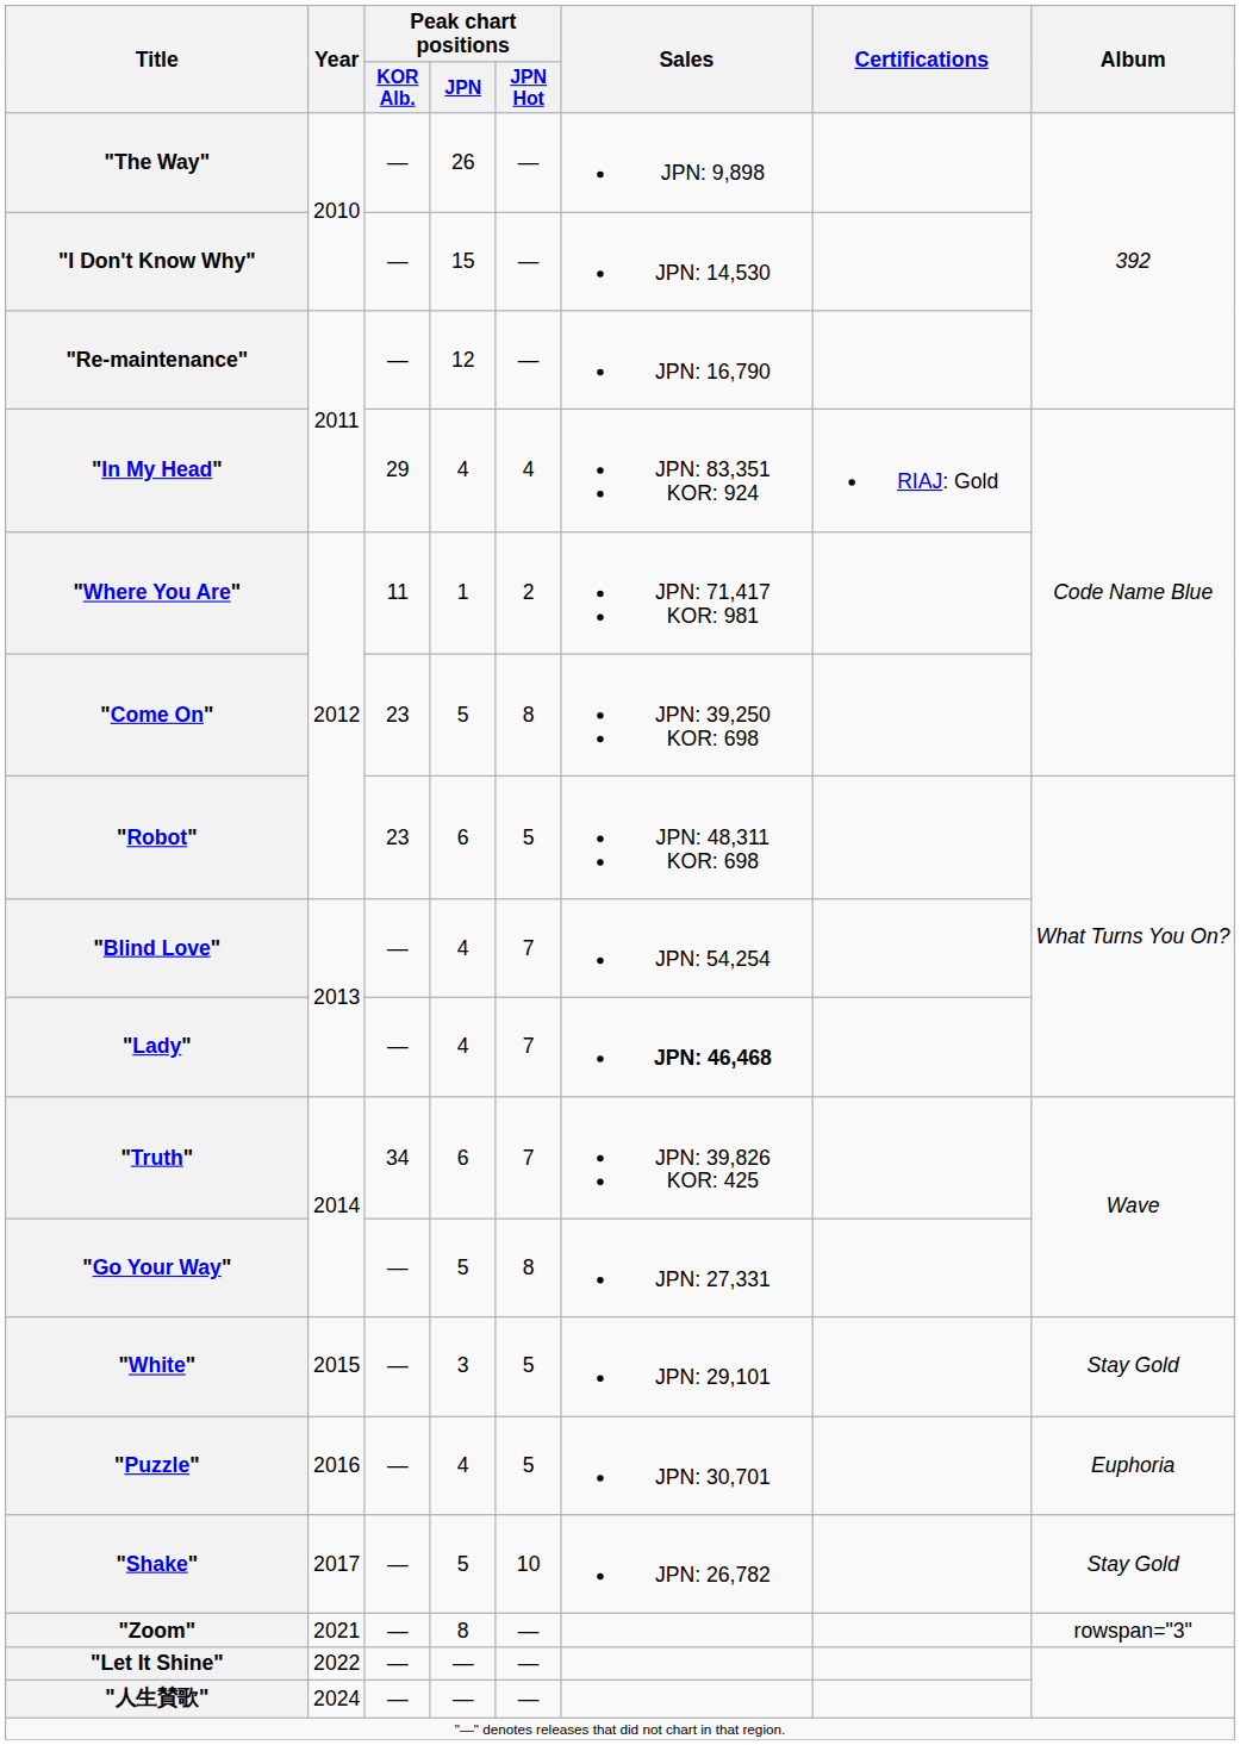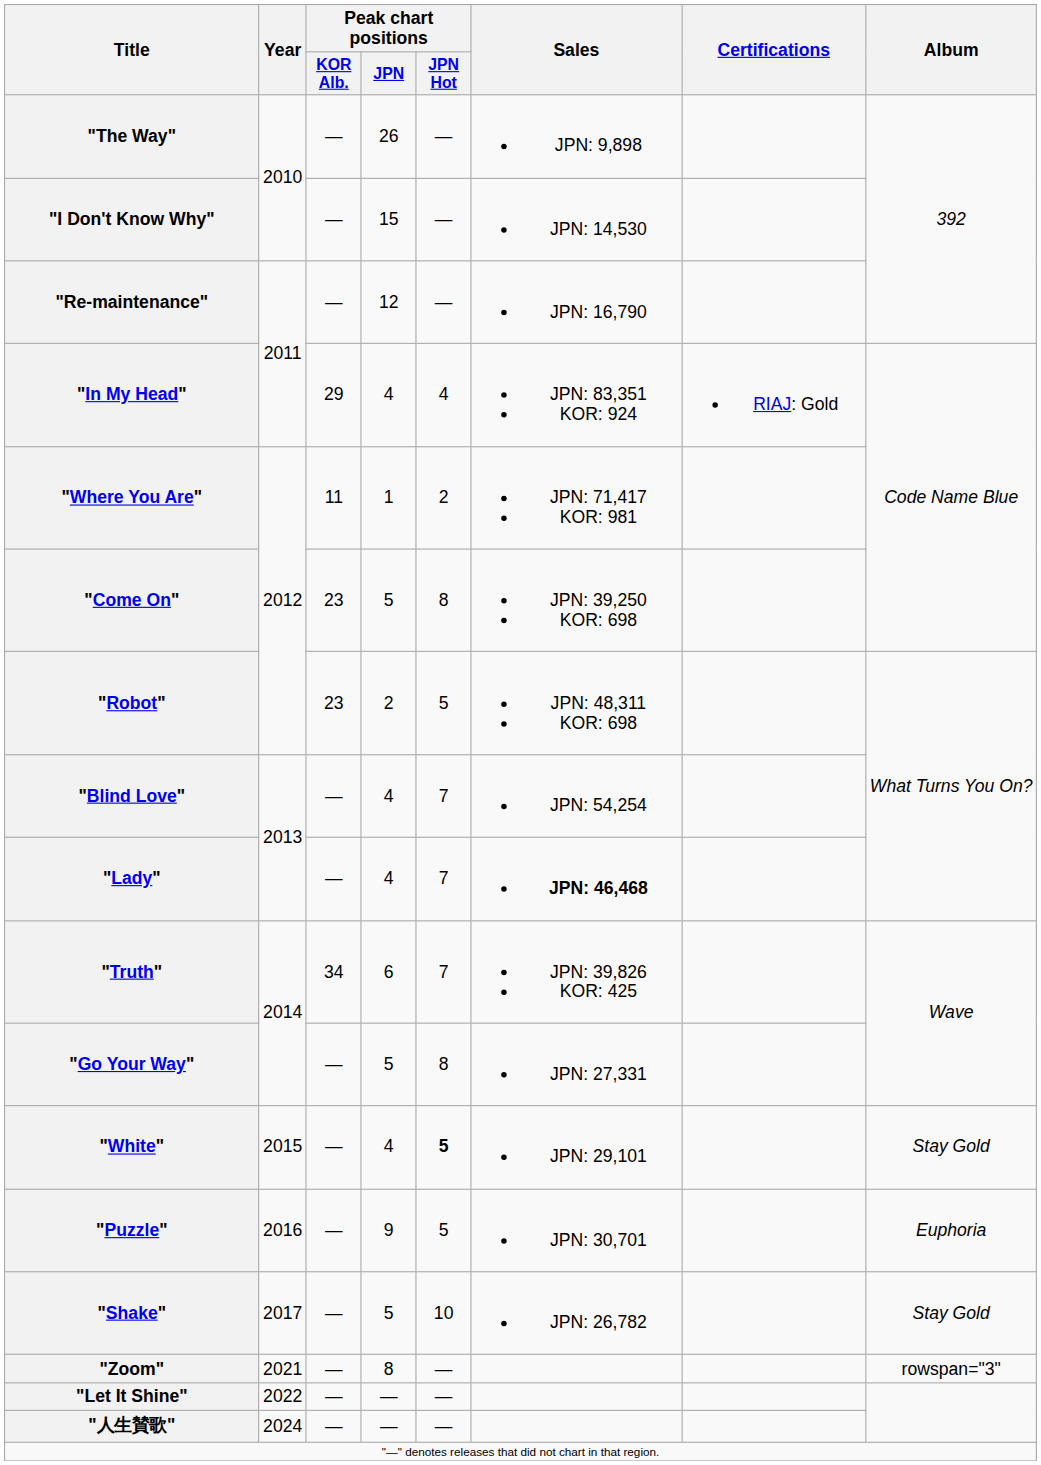 <table class="wikitable plainrowheaders" style="text-align:center" border="1">
 <tr>
 <th rowspan="2" scope="col" style="width:14em">Title</th>
 <th rowspan="2" scope="col">Year</th>
 <th colspan="3">Peak chart positions</th>
 <th rowspan="2" scope="col" style="width:11.5em">Sales</th>
 <th rowspan="2" scope="col" style="width:10em"><a href='#'>Certifications</a></th>
 <th rowspan="2" scope="col">Album</th>
 </tr>
 <tr>
 <th scope="col" style="width:3em;font-size:90%"><a href='#'>KOR<br>Alb.</a><br></th>
 <th scope="col" style="width:3em;font-size:90%"><a href='#'>JPN</a><br></th>
 <th scope="col" style="width:3em;font-size:90%"><a href='#'>JPN<br>Hot</a></th>
 </tr>
 <tr>
 <th scope="row">"The Way"</th>
 <td rowspan="2">2010</td>
 <td>—</td>
 <td>26</td>
 <td>—</td>
 <td><br><ul><li>JPN: 9,898</li></ul></td>
 <td></td>
 <td rowspan="3"><em>392</em></td>
 </tr>
 <tr>
 <th scope="row">"I Don't Know Why"</th>
 <td>—</td>
 <td>15</td>
 <td>—</td>
 <td><br><ul><li>JPN: 14,530</li></ul></td>
 <td></td>
 </tr>
 <tr>
 <th scope="row">"Re-maintenance"</th>
 <td rowspan="2">2011</td>
 <td>—</td>
 <td>12</td>
 <td>—</td>
 <td><br><ul><li>JPN: 16,790</li></ul></td>
 <td></td>
 </tr>
 <tr>
 <th scope="row">"<a href='#'>In My Head</a>"</th>
 <td>29</td>
 <td>4</td>
 <td>4</td>
 <td><br><ul><li>JPN: 83,351</li><li>KOR: 924</li></ul></td>
 <td><br><ul><li><a href='#'>RIAJ</a>: Gold</li></ul></td>
 <td rowspan="3"><em>Code Name Blue</em></td>
 </tr>
 <tr>
 <th scope="row">"<a href='#'>Where You Are</a>"</th>
 <td rowspan="3">2012</td>
 <td>11</td>
 <td>1</td>
 <td>2</td>
 <td><br><ul><li>JPN: 71,417</li><li>KOR: 981</li></ul></td>
 <td></td>
 </tr>
 <tr>
 <th scope="row">"<a href='#'>Come On</a>"</th>
 <td>23</td>
 <td>5</td>
 <td>8</td>
 <td><br><ul><li>JPN: 39,250</li><li>KOR: 698</li></ul></td>
 <td></td>
 </tr>
 <tr>
 <th scope="row">"<a href='#'>Robot</a>"</th>
 <td>23</td>
-<td>6</td>
+<td>2</td>
 <td>5</td>
 <td><br><ul><li>JPN: 48,311</li><li>KOR: 698</li></ul></td>
 <td></td>
 <td rowspan="3"><em>What Turns You On?</em></td>
 </tr>
 <tr>
 <th scope="row">"<a href='#'>Blind Love</a>"</th>
 <td rowspan="2">2013</td>
 <td>—</td>
 <td>4</td>
 <td>7</td>
 <td><br><ul><li>JPN: 54,254</li></ul></td>
 <td></td>
 </tr>
 <tr>
 <th scope="row">"<a href='#'>Lady</a>"</th>
 <td>—</td>
 <td>4</td>
 <td>7</td>
 <td><strong><br><ul><li>JPN: 46,468</li></ul></strong></td>
 <td></td>
 </tr>
 <tr>
 <th scope="row">"<a href='#'>Truth</a>"</th>
 <td rowspan="2">2014</td>
 <td>34</td>
 <td>6</td>
 <td>7</td>
 <td><br><ul><li>JPN: 39,826</li><li>KOR: 425</li></ul></td>
 <td></td>
 <td rowspan="2"><em>Wave</em></td>
 </tr>
 <tr>
 <th scope="row">"<a href='#'>Go Your Way</a>"</th>
 <td>—</td>
 <td>5</td>
 <td>8</td>
 <td><br><ul><li>JPN: 27,331</li></ul></td>
 <td></td>
 </tr>
 <tr>
 <th scope="row">"<a href='#'>White</a>"</th>
 <td>2015</td>
 <td>—</td>
-<td>3</td>
-<td>5</td>
+<td>4</td>
+<td><strong>5</strong></td>
 <td><br><ul><li>JPN: 29,101</li></ul></td>
 <td></td>
 <td><em>Stay Gold</em></td>
 </tr>
 <tr>
 <th scope="row">"<a href='#'>Puzzle</a>"</th>
 <td>2016</td>
 <td>—</td>
-<td>4</td>
+<td>9</td>
 <td>5</td>
 <td><br><ul><li>JPN: 30,701</li></ul></td>
 <td></td>
 <td><em>Euphoria</em></td>
 </tr>
 <tr>
 <th scope="row">"<a href='#'>Shake</a>"</th>
 <td>2017</td>
 <td>—</td>
 <td>5</td>
 <td>10</td>
 <td><br><ul><li>JPN: 26,782</li></ul></td>
 <td></td>
 <td><em>Stay Gold</em></td>
 </tr>
 <tr>
 <th scope="row">"Zoom"</th>
 <td>2021</td>
 <td>—</td>
 <td>8</td>
 <td>—</td>
 <td></td>
 <td></td>
 <td>rowspan="3" </td>
 </tr>
 <tr>
 <th scope="row">"Let It Shine"</th>
 <td>2022</td>
 <td>—</td>
 <td>—</td>
 <td>—</td>
 <td></td>
 <td></td>
 </tr>
 <tr>
 <th scope="row">"人生賛歌"</th>
 <td>2024</td>
 <td>—</td>
 <td>—</td>
 <td>—</td>
 <td></td>
 <td></td>
 </tr>
 <tr>
 <td colspan="8" style="text-align:center; font-size:8pt">"—" denotes releases that did not chart in that region.</td>
 </tr>
 </table>
